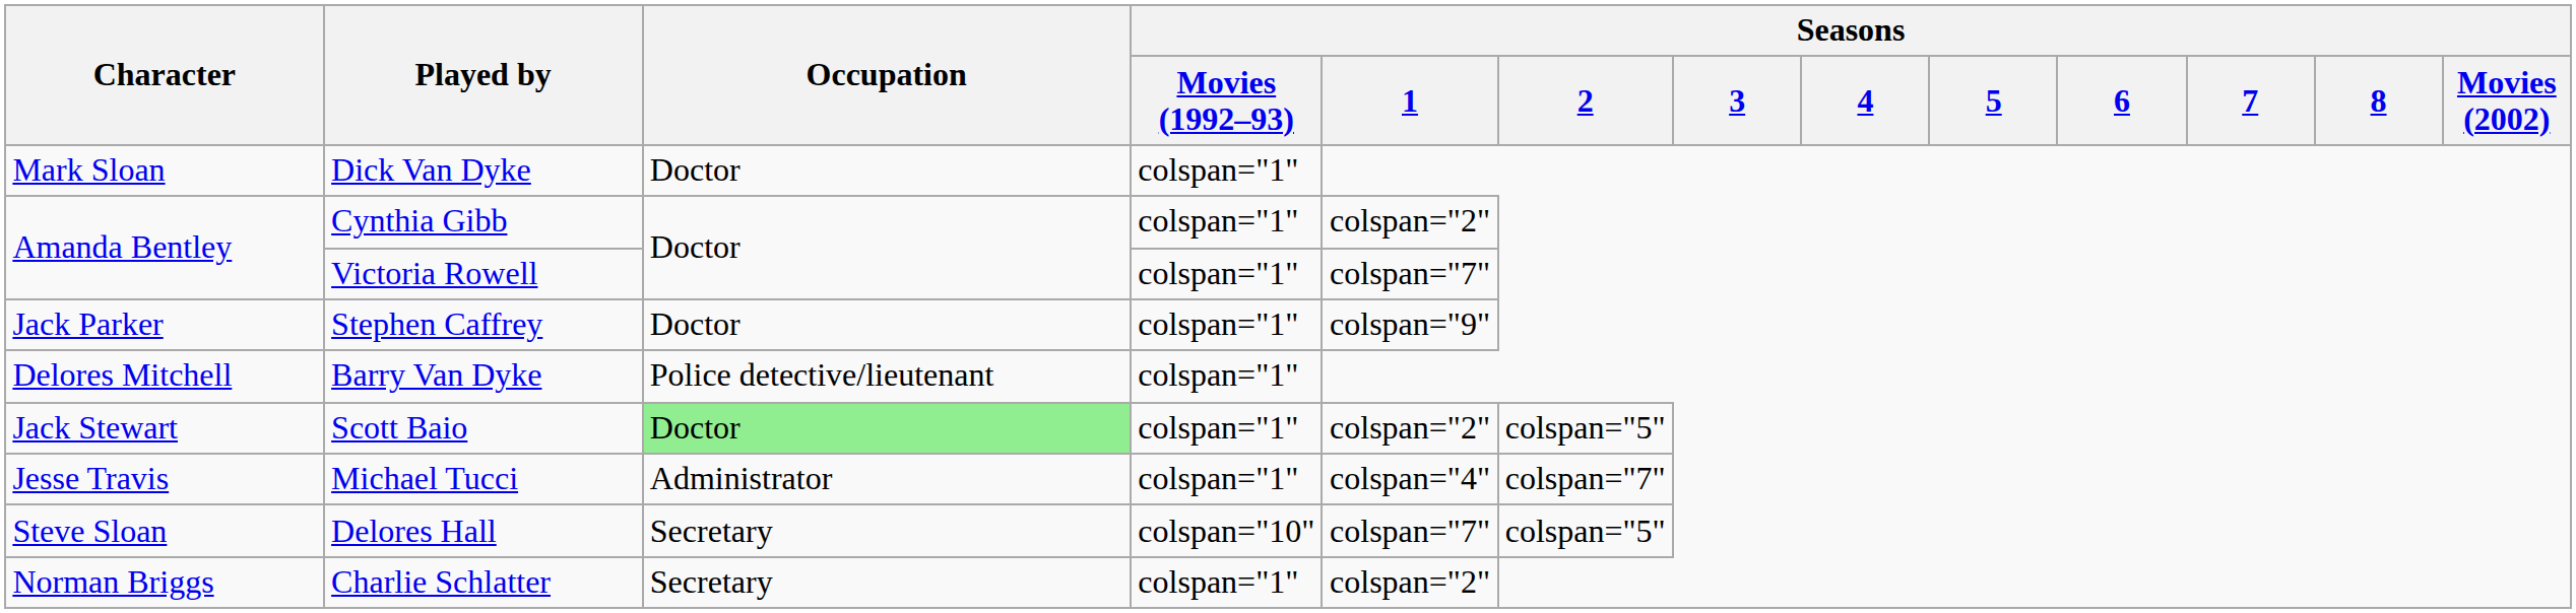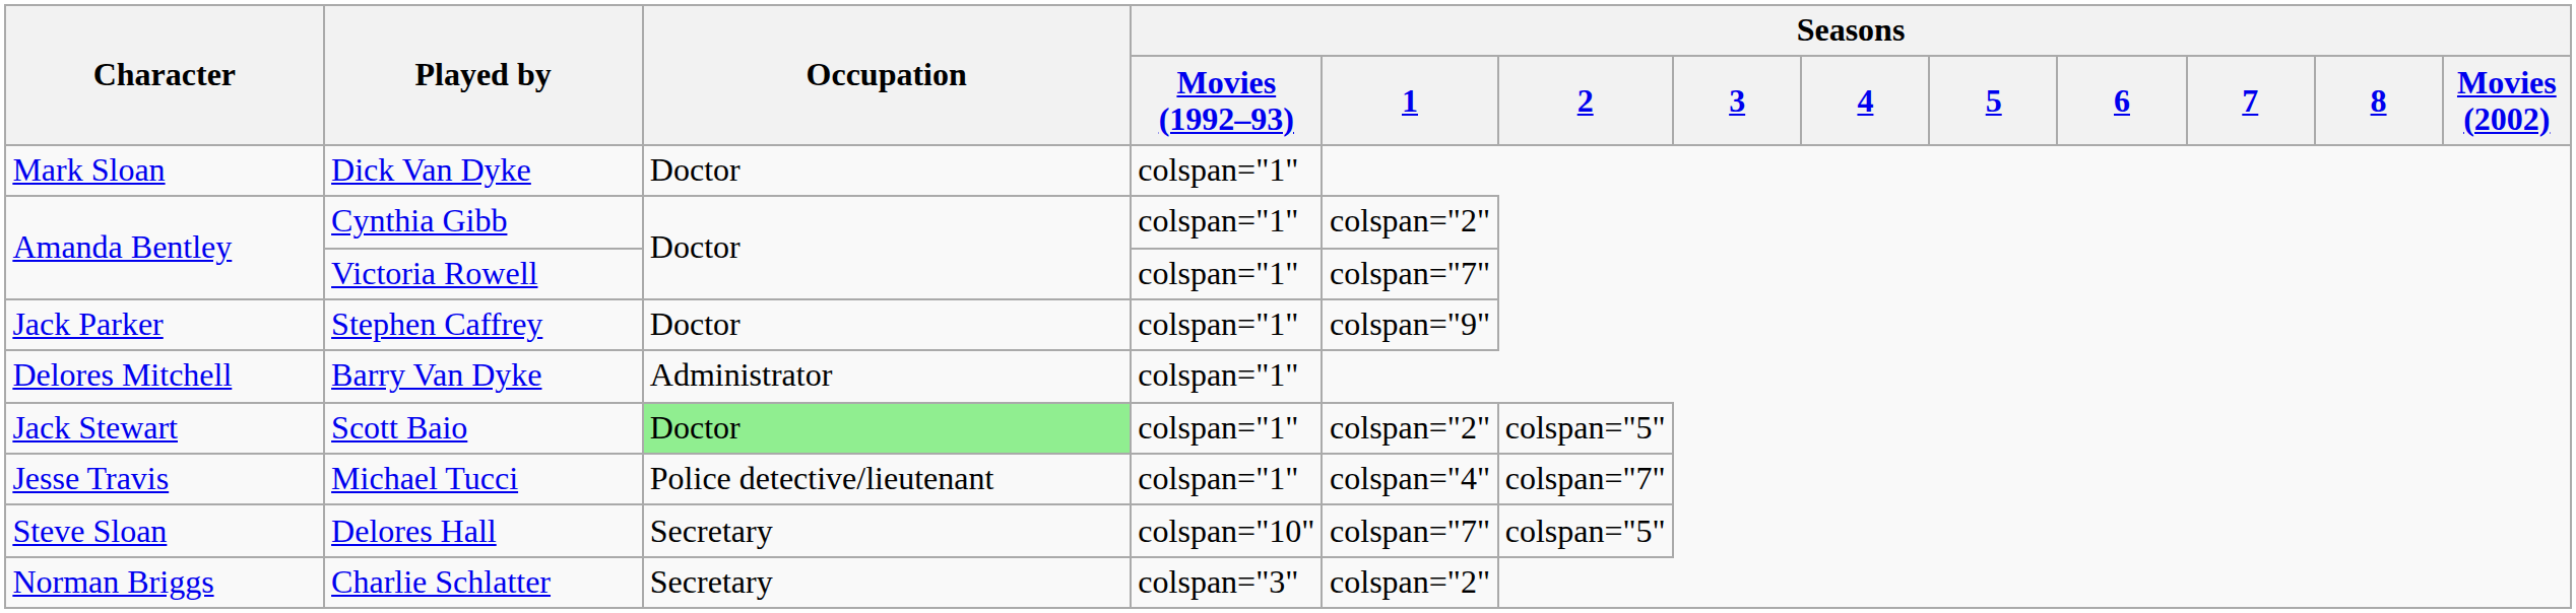 <table class="wikitable" width="100%">
 <tr>
 <th rowspan="2">Character</th>
 <th ! rowspan="2">Played by</th>
 <th ! rowspan="2">Occupation</th>
 <th ! colspan="10">Seasons</th>
 </tr>
 <tr>
 <th width="5%"><a href='#'>Movies (1992–93)</a></th>
 <th width="5%"><a href='#'>1</a></th>
 <th width="5%"><a href='#'>2</a></th>
 <th width="5%"><a href='#'>3</a></th>
 <th width="5%"><a href='#'>4</a></th>
 <th width="5%"><a href='#'>5</a></th>
 <th width="5%"><a href='#'>6</a></th>
 <th width="5%"><a href='#'>7</a></th>
 <th width="5%"><a href='#'>8</a></th>
 <th width="5%"><a href='#'>Movies (2002)</a></th>
 </tr>
 <tr>
 <td><a href='#'>Mark Sloan</a></td>
 <td><a href='#'>Dick Van Dyke</a></td>
 <td>Doctor</td>
 <td>colspan="1" </td>
 </tr>
 <tr>
 <td rowspan="2"><a href='#'>Amanda Bentley</a></td>
 <td><a href='#'>Cynthia Gibb</a></td>
 <td rowspan="2">Doctor</td>
 <td>colspan="1" </td>
 <td>colspan="2" </td>
 </tr>
 <tr>
 <td><a href='#'>Victoria Rowell</a></td>
 <td>colspan="1" </td>
 <td>colspan="7" </td>
 </tr>
 <tr>
 <td><a href='#'>Jack Parker</a></td>
 <td><a href='#'>Stephen Caffrey</a></td>
 <td>Doctor</td>
 <td>colspan="1" </td>
 <td>colspan="9" </td>
 </tr>
 <tr>
 <td><a href='#'>Delores Mitchell</a></td>
 <td><a href='#'>Barry Van Dyke</a></td>
-<td>Police detective/lieutenant</td>
+<td>Administrator</td>
 <td>colspan="1" </td>
 </tr>
 <tr>
 <td><a href='#'>Jack Stewart</a></td>
 <td><a href='#'>Scott Baio</a></td>
 <td style="background: lightgreen;">Doctor</td>
 <td>colspan="1" </td>
 <td>colspan="2" </td>
 <td>colspan="5" </td>
 </tr>
 <tr>
 <td><a href='#'>Jesse Travis</a></td>
 <td><a href='#'>Michael Tucci</a></td>
-<td>Administrator</td>
+<td>Police detective/lieutenant</td>
 <td>colspan="1" </td>
 <td>colspan="4" </td>
 <td>colspan="7" </td>
 </tr>
 <tr>
 <td><a href='#'>Steve Sloan</a></td>
 <td><a href='#'>Delores Hall</a></td>
 <td>Secretary</td>
 <td>colspan="10" </td>
 <td>colspan="7" </td>
 <td>colspan="5" </td>
 </tr>
 <tr>
 <td><a href='#'>Norman Briggs</a></td>
 <td><a href='#'>Charlie Schlatter</a></td>
 <td>Secretary</td>
-<td>colspan="1" </td>
+<td>colspan="3" </td>
 <td>colspan="2" </td>
 </tr>
 </table>
